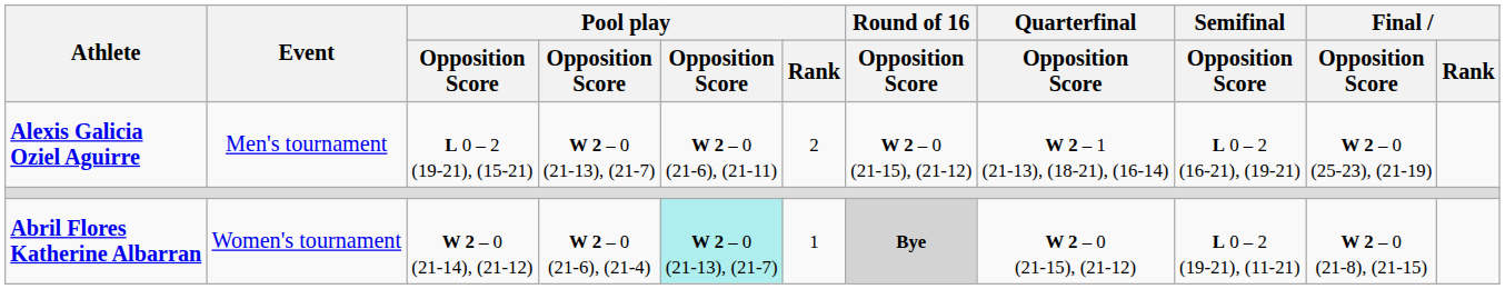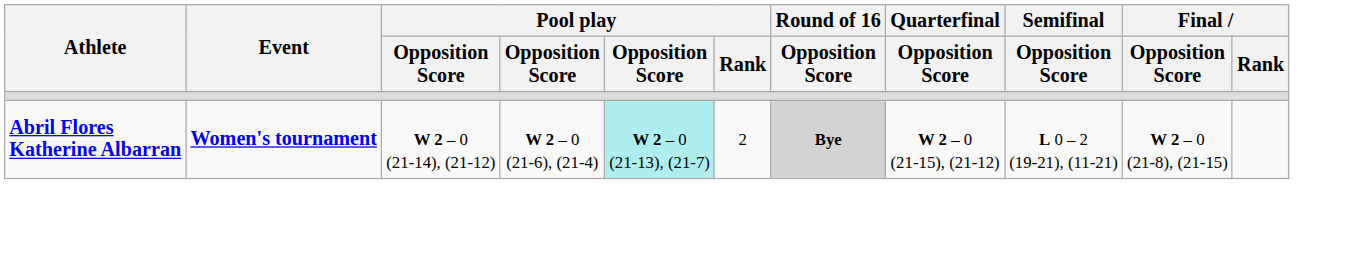 <table class="wikitable">
 <tr>
 <th rowspan="2">Athlete</th>
 <th rowspan="2">Event</th>
 <th colspan="4">Pool play</th>
 <th>Round of 16</th>
 <th>Quarterfinal</th>
 <th>Semifinal</th>
 <th colspan="2">Final / </th>
 </tr>
 <tr>
 <th>Opposition<br>Score</th>
 <th>Opposition<br>Score</th>
 <th>Opposition<br>Score</th>
 <th>Rank</th>
 <th>Opposition<br>Score</th>
 <th>Opposition<br>Score</th>
 <th>Opposition<br>Score</th>
 <th>Opposition<br>Score</th>
 <th>Rank</th>
 </tr>
-<tr align="center">
-<td align="left" style="white-space: nowrap;"><strong><a href='#'>Alexis Galicia</a><br><a href='#'>Oziel Aguirre</a></strong></td>
-<td><a href='#'>Men's tournament</a></td>
-<td style="white-space: nowrap;"><small><br><strong>L</strong> 0 – 2<br>(19-21), (15-21)</small></td>
-<td style="white-space: nowrap;"><small><br><strong>W 2</strong> – 0<br>(21-13), (21-7)</small></td>
-<td><small><br><strong>W 2</strong> – 0<br>(21-6), (21-11)</small></td>
-<td><small>2</small></td>
-<td><small><br><strong>W 2</strong> – 0<br>(21-15), (21-12)</small></td>
-<td style="white-space: nowrap;"><small><br><strong>W</strong> <strong>2</strong> – 1<br>(21-13), (18-21), (16-14)</small></td>
-<td style="white-space: nowrap;"><small><br><strong>L</strong> 0 – 2<br>(16-21), (19-21)</small></td>
-<td style="white-space: nowrap;"><small><br><strong>W 2</strong> – 0<br>(25-23), (21-19)</small></td>
-<td></td>
-</tr>
 <tr bgcolor="#ddd">
 <td colspan="11"></td>
 </tr>
 <tr align="center">
 <td align="left" style="white-space: nowrap;"><strong><a href='#'>Abril Flores</a><br><a href='#'>Katherine Albarran</a></strong></td>
-<td><a href='#'>Women's tournament</a></td>
+<td><strong><a href='#'>Women's tournament</a></strong></td>
 <td style="white-space: nowrap;"><small><br><strong>W 2</strong> – 0<br>(21-14), (21-12)</small></td>
 <td style="white-space: nowrap;"><small><br><strong>W 2</strong> – 0<br>(21-6), (21-4)</small></td>
 <td style="background: paleturquoise;"><small><br><strong>W 2</strong> – 0<br>(21-13), (21-7)</small></td>
-<td><small>1</small></td>
+<td><small>2</small></td>
 <td style="background: #D3D3D3"><strong><small>Bye</small></strong></td>
 <td><small><br><strong>W 2</strong> – 0<br>(21-15), (21-12)</small></td>
 <td style="white-space: nowrap;"><small><br><strong>L</strong> 0 – 2<br>(19-21), (11-21)</small></td>
 <td style="white-space: nowrap;"><small><br><strong>W 2</strong> – 0<br>(21-8), (21-15)</small></td>
 <td></td>
 </tr>
 </table>
